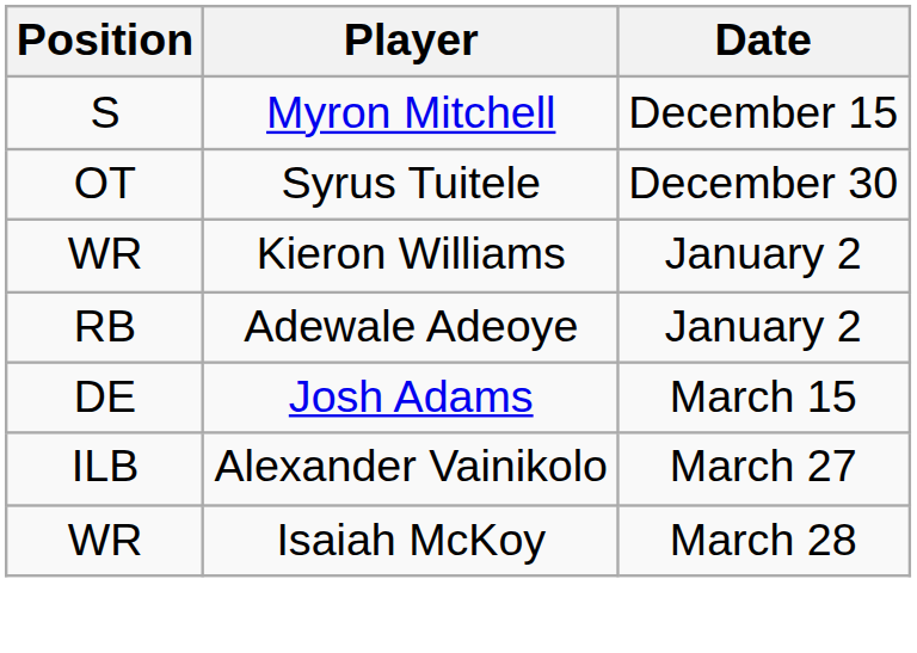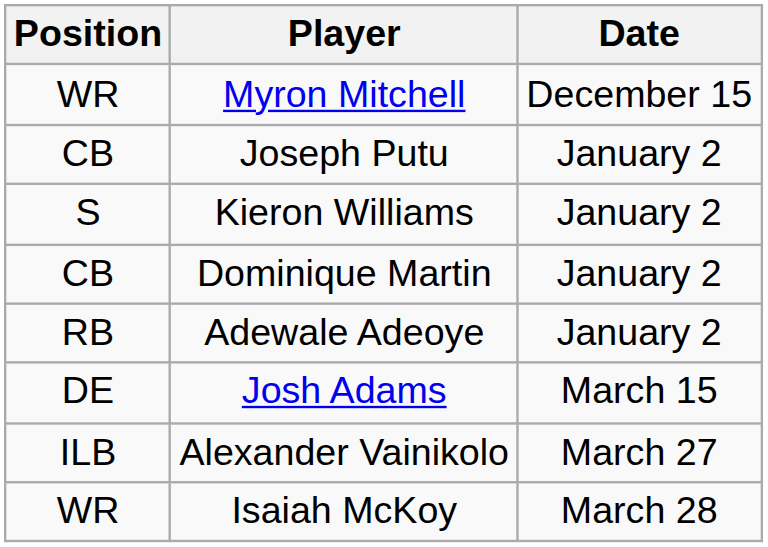 <table class="wikitable" style="text-align:center">
 <tr>
 <th>Position</th>
 <th>Player</th>
 <th>Date</th>
 </tr>
 <tr>
-<td>S</td>
+<td>WR</td>
 <td><a href='#'>Myron Mitchell</a></td>
 <td>December 15</td>
 </tr>
 <tr>
-<td>OT</td>
-<td>Syrus Tuitele</td>
-<td>December 30</td>
+<td>CB</td>
+<td>Joseph Putu</td>
+<td>January 2</td>
 </tr>
 <tr>
-<td>WR</td>
+<td>S</td>
 <td>Kieron Williams</td>
+<td>January 2</td>
+</tr>
+<tr>
+<td>CB</td>
+<td>Dominique Martin</td>
 <td>January 2</td>
 </tr>
 <tr>
 <td>RB</td>
 <td>Adewale Adeoye</td>
 <td>January 2</td>
 </tr>
 <tr>
 <td>DE</td>
 <td><a href='#'>Josh Adams</a></td>
 <td>March 15</td>
 </tr>
 <tr>
 <td>ILB</td>
 <td>Alexander Vainikolo</td>
 <td>March 27</td>
 </tr>
 <tr>
 <td>WR</td>
 <td>Isaiah McKoy</td>
 <td>March 28</td>
 </tr>
 </table>
